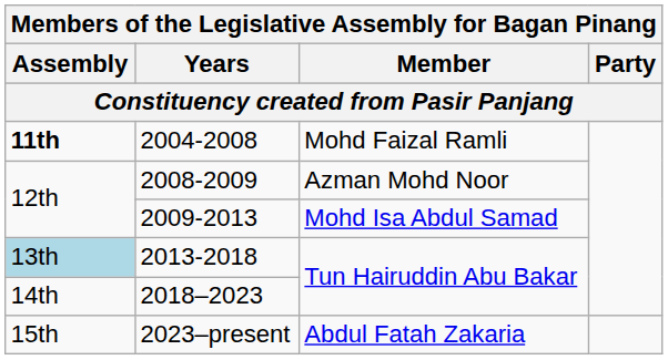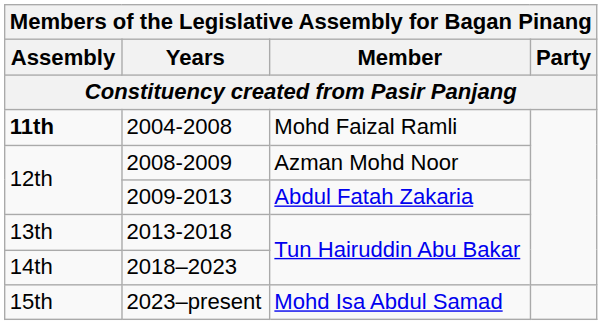 <table class=wikitable>
 <tr>
 <th colspan=4>Members of the Legislative Assembly for Bagan Pinang</th>
 </tr>
 <tr>
 <th>Assembly</th>
 <th>Years</th>
 <th>Member</th>
 <th>Party</th>
 </tr>
 <tr>
 <th colspan=4 align=center><em>Constituency created from Pasir Panjang</em></th>
 </tr>
 <tr>
 <td><strong>11th</strong></td>
 <td>2004-2008</td>
 <td>Mohd Faizal Ramli</td>
 <td rowspan="5"></td>
 </tr>
 <tr>
 <td rowspan="2">12th</td>
 <td>2008-2009</td>
 <td>Azman Mohd Noor</td>
 </tr>
 <tr>
 <td>2009-2013</td>
-<td><a href='#'>Mohd Isa Abdul Samad</a></td>
+<td><a href='#'>Abdul Fatah Zakaria</a></td>
 </tr>
 <tr>
-<td style="background: lightblue;">13th</td>
+<td>13th</td>
 <td>2013-2018</td>
 <td rowspan="2"><a href='#'>Tun Hairuddin Abu Bakar</a></td>
 </tr>
 <tr>
 <td>14th</td>
 <td>2018–2023</td>
 </tr>
 <tr>
 <td>15th</td>
 <td>2023–present</td>
-<td><a href='#'>Abdul Fatah Zakaria</a></td>
+<td><a href='#'>Mohd Isa Abdul Samad</a></td>
 <td></td>
 </tr>
 </table>
